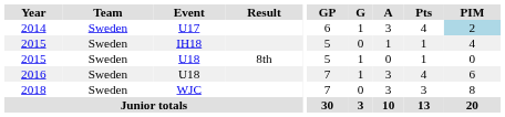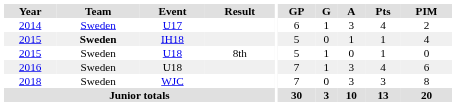 <table border="0" cellpadding="1" cellspacing="0" ID="Table3" style="text-align:center; width:40em">
 <tr ALIGN="center" bgcolor="#e0e0e0">
 <th>Year</th>
 <th>Team</th>
 <th>Event</th>
 <th>Result</th>
 <th rowspan="99" bgcolor="#ffffff"></th>
 <th>GP</th>
 <th>G</th>
 <th>A</th>
 <th>Pts</th>
 <th>PIM</th>
 </tr>
 <tr>
 <td><a href='#'>2014</a></td>
 <td><a href='#'>Sweden</a></td>
 <td><a href='#'>U17</a></td>
 <td></td>
 <td>6</td>
 <td>1</td>
 <td>3</td>
 <td>4</td>
-<td style="background: lightblue;">2</td>
+<td>2</td>
 </tr>
 <tr bgcolor="#f0f0f0">
 <td><a href='#'>2015</a></td>
-<td>Sweden</td>
+<td><strong>Sweden</strong></td>
 <td><a href='#'>IH18</a></td>
 <td></td>
 <td>5</td>
 <td>0</td>
 <td>1</td>
 <td>1</td>
 <td>4</td>
 </tr>
 <tr>
 <td><a href='#'>2015</a></td>
 <td>Sweden</td>
 <td><a href='#'>U18</a></td>
 <td>8th</td>
 <td>5</td>
 <td>1</td>
 <td>0</td>
 <td>1</td>
 <td>0</td>
 </tr>
 <tr bgcolor="#f0f0f0">
 <td><a href='#'>2016</a></td>
 <td>Sweden</td>
 <td>U18</td>
 <td></td>
 <td>7</td>
 <td>1</td>
 <td>3</td>
 <td>4</td>
 <td>6</td>
 </tr>
 <tr>
 <td><a href='#'>2018</a></td>
 <td>Sweden</td>
 <td><a href='#'>WJC</a></td>
 <td></td>
 <td>7</td>
 <td>0</td>
 <td>3</td>
 <td>3</td>
 <td>8</td>
 </tr>
 <tr bgcolor="#e0e0e0">
 <th colspan="4">Junior totals</th>
 <th>30</th>
 <th>3</th>
 <th>10</th>
 <th>13</th>
 <th>20</th>
 </tr>
 </table>
